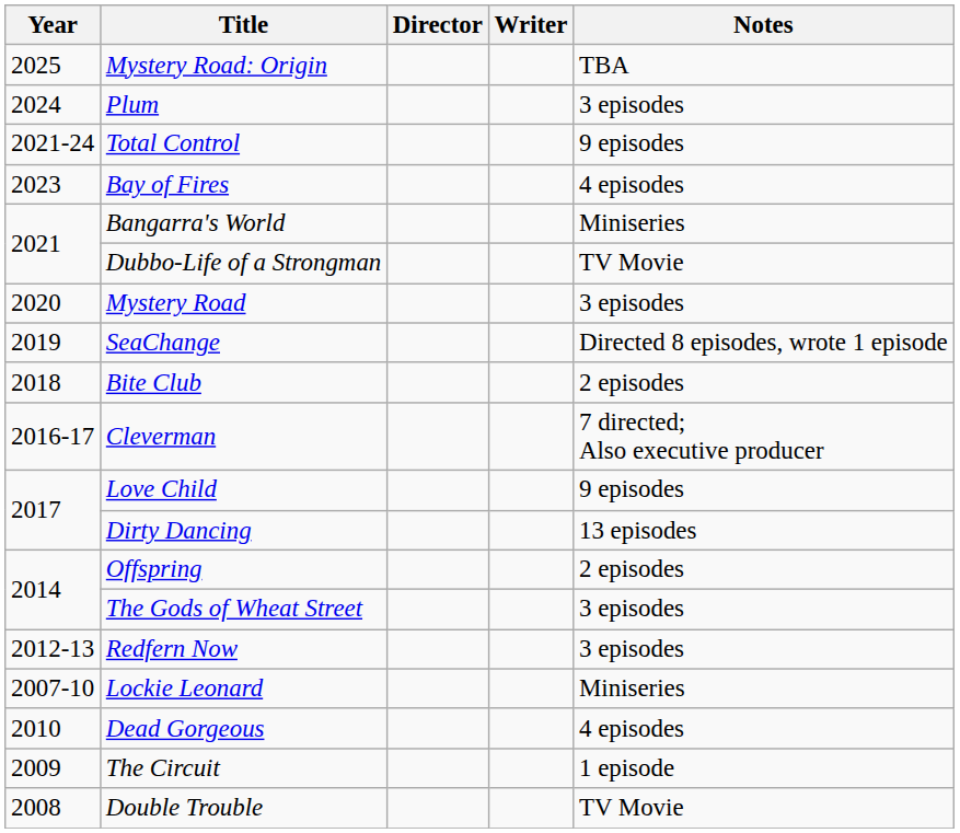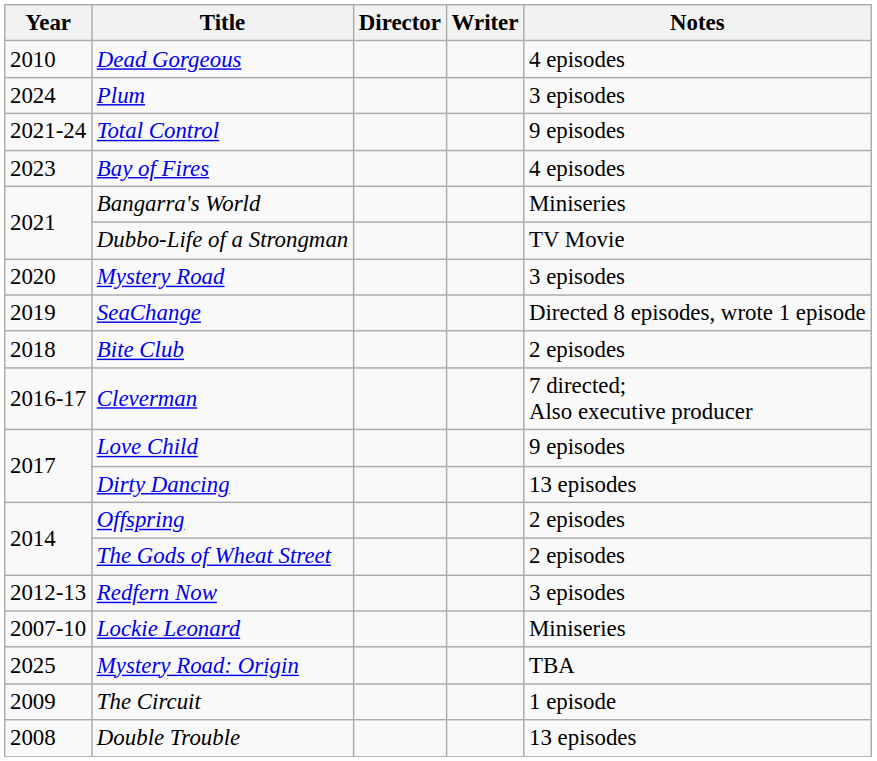 <table class="wikitable">
 <tr>
 <th>Year</th>
 <th>Title</th>
 <th>Director</th>
 <th>Writer</th>
 <th>Notes</th>
 </tr>
 <tr>
-<td>2025</td>
-<td><a href='#'><em>Mystery Road: Origin</em></a></td>
+<td>2010</td>
+<td><em><a href='#'>Dead Gorgeous</a></em></td>
 <td></td>
 <td></td>
-<td>TBA</td>
+<td>4 episodes</td>
 </tr>
 <tr>
 <td>2024</td>
 <td><em><a href='#'>Plum</a></em></td>
 <td></td>
 <td></td>
 <td>3 episodes</td>
 </tr>
 <tr>
 <td>2021-24</td>
 <td><em><a href='#'>Total Control</a></em></td>
 <td></td>
 <td></td>
 <td>9 episodes</td>
 </tr>
 <tr>
 <td>2023</td>
 <td><em><a href='#'>Bay of Fires</a></em></td>
 <td></td>
 <td></td>
 <td>4 episodes</td>
 </tr>
 <tr>
 <td rowspan="2">2021</td>
 <td><em>Bangarra's World</em></td>
 <td></td>
 <td></td>
 <td>Miniseries</td>
 </tr>
 <tr>
 <td><em>Dubbo-Life of a Strongman</em></td>
 <td></td>
 <td></td>
 <td>TV Movie</td>
 </tr>
 <tr>
 <td>2020</td>
 <td><em><a href='#'>Mystery Road</a></em></td>
 <td></td>
 <td></td>
 <td>3 episodes</td>
 </tr>
 <tr>
 <td>2019</td>
 <td><em><a href='#'>SeaChange</a></em></td>
 <td></td>
 <td></td>
 <td>Directed 8 episodes, wrote 1 episode</td>
 </tr>
 <tr>
 <td>2018</td>
 <td><em><a href='#'>Bite Club</a></em></td>
 <td></td>
 <td></td>
 <td>2 episodes</td>
 </tr>
 <tr>
 <td>2016-17</td>
 <td><em><a href='#'>Cleverman</a></em></td>
 <td></td>
 <td></td>
 <td>7 directed;<br>Also executive producer</td>
 </tr>
 <tr>
 <td rowspan="2">2017</td>
 <td><em><a href='#'>Love Child</a></em></td>
 <td></td>
 <td></td>
 <td>9 episodes</td>
 </tr>
 <tr>
 <td><em><a href='#'>Dirty Dancing</a></em></td>
 <td></td>
 <td></td>
 <td>13 episodes</td>
 </tr>
 <tr>
 <td rowspan=2>2014</td>
 <td><em><a href='#'>Offspring</a></em></td>
 <td></td>
 <td></td>
 <td>2 episodes</td>
 </tr>
 <tr>
 <td><em><a href='#'>The Gods of Wheat Street</a></em></td>
 <td></td>
 <td></td>
-<td>3 episodes</td>
+<td>2 episodes</td>
 </tr>
 <tr>
 <td>2012-13</td>
 <td><em><a href='#'>Redfern Now</a></em></td>
 <td></td>
 <td></td>
 <td>3 episodes</td>
 </tr>
 <tr>
 <td>2007-10</td>
 <td><em><a href='#'>Lockie Leonard</a></em></td>
 <td></td>
 <td></td>
 <td>Miniseries</td>
 </tr>
 <tr>
-<td>2010</td>
-<td><em><a href='#'>Dead Gorgeous</a></em></td>
+<td>2025</td>
+<td><a href='#'><em>Mystery Road: Origin</em></a></td>
 <td></td>
 <td></td>
-<td>4 episodes</td>
+<td>TBA</td>
 </tr>
 <tr>
 <td>2009</td>
 <td><em>The Circuit</em></td>
 <td></td>
 <td></td>
 <td>1 episode</td>
 </tr>
 <tr>
 <td>2008</td>
 <td><em>Double Trouble</em></td>
 <td></td>
 <td></td>
-<td>TV Movie</td>
+<td>13 episodes</td>
 </tr>
 </table>
